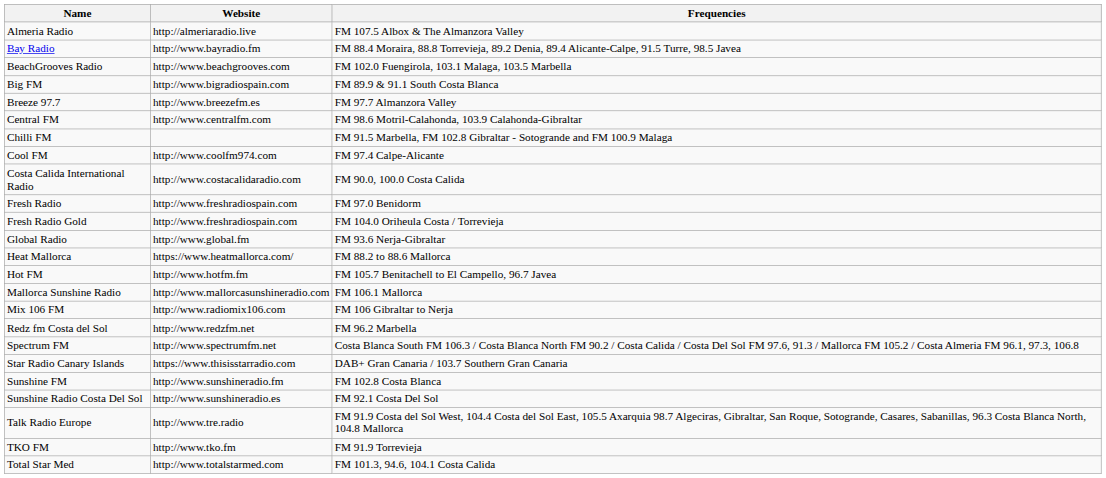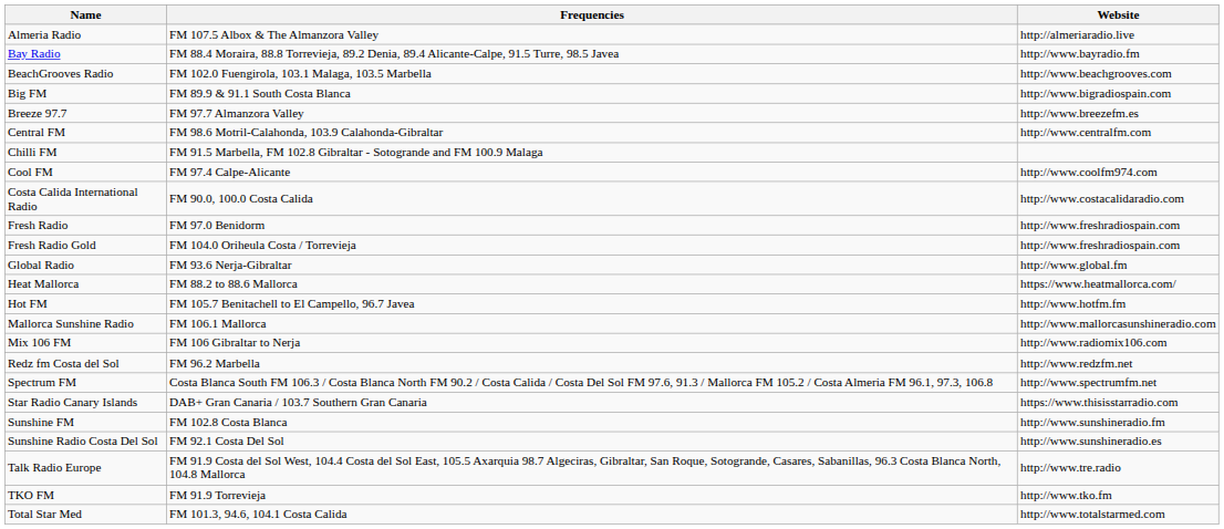 <table class="wikitable sortable">
 <tr style="background-color:#C9C9C9">
 <th>Name</th>
+<th>Frequencies</th>
 <th>Website</th>
-<th>Frequencies</th>
 </tr>
 <tr>
 <td>Almeria Radio</td>
+<td>FM 107.5 Albox & The Almanzora Valley</td>
 <td>http://almeriaradio.live</td>
-<td>FM 107.5 Albox & The Almanzora Valley</td>
 </tr>
 <tr>
 <td><a href='#'>Bay Radio</a></td>
+<td>FM 88.4 Moraira, 88.8 Torrevieja, 89.2 Denia, 89.4 Alicante-Calpe, 91.5 Turre, 98.5 Javea</td>
 <td>http://www.bayradio.fm</td>
-<td>FM 88.4 Moraira, 88.8 Torrevieja, 89.2 Denia, 89.4 Alicante-Calpe, 91.5 Turre, 98.5 Javea</td>
 </tr>
 <tr>
 <td>BeachGrooves Radio</td>
+<td>FM 102.0 Fuengirola, 103.1 Malaga, 103.5 Marbella</td>
 <td>http://www.beachgrooves.com</td>
-<td>FM 102.0 Fuengirola, 103.1 Malaga, 103.5 Marbella</td>
 </tr>
 <tr>
 <td>Big FM</td>
+<td>FM 89.9 & 91.1 South Costa Blanca</td>
 <td>http://www.bigradiospain.com</td>
-<td>FM 89.9 & 91.1 South Costa Blanca</td>
 </tr>
 <tr>
 <td>Breeze 97.7</td>
+<td>FM 97.7 Almanzora Valley</td>
 <td>http://www.breezefm.es</td>
-<td>FM 97.7 Almanzora Valley</td>
 </tr>
 <tr>
 <td>Central FM</td>
+<td>FM 98.6 Motril-Calahonda, 103.9 Calahonda-Gibraltar</td>
 <td>http://www.centralfm.com</td>
-<td>FM 98.6 Motril-Calahonda, 103.9 Calahonda-Gibraltar</td>
 </tr>
 <tr>
 <td>Chilli FM</td>
+<td>FM 91.5 Marbella, FM 102.8 Gibraltar - Sotogrande and FM 100.9 Malaga</td>
 <td></td>
-<td>FM 91.5 Marbella, FM 102.8 Gibraltar - Sotogrande and FM 100.9 Malaga</td>
 </tr>
 <tr>
 <td>Cool FM</td>
+<td>FM 97.4 Calpe-Alicante</td>
 <td>http://www.coolfm974.com</td>
-<td>FM 97.4 Calpe-Alicante</td>
 </tr>
 <tr>
 <td>Costa Calida International Radio</td>
+<td>FM 90.0, 100.0 Costa Calida</td>
 <td>http://www.costacalidaradio.com</td>
-<td>FM 90.0, 100.0 Costa Calida</td>
 </tr>
 <tr>
 <td>Fresh Radio</td>
+<td>FM 97.0 Benidorm</td>
 <td>http://www.freshradiospain.com</td>
-<td>FM 97.0 Benidorm</td>
 </tr>
 <tr>
 <td>Fresh Radio Gold</td>
+<td>FM 104.0 Oriheula Costa / Torrevieja</td>
 <td>http://www.freshradiospain.com</td>
-<td>FM 104.0 Oriheula Costa / Torrevieja</td>
 </tr>
 <tr>
 <td>Global Radio</td>
+<td>FM 93.6 Nerja-Gibraltar</td>
 <td>http://www.global.fm</td>
-<td>FM 93.6 Nerja-Gibraltar</td>
 </tr>
 <tr>
 <td>Heat Mallorca</td>
+<td>FM 88.2 to 88.6 Mallorca</td>
 <td>https://www.heatmallorca.com/</td>
-<td>FM 88.2 to 88.6 Mallorca</td>
 </tr>
 <tr>
 <td>Hot FM</td>
+<td>FM 105.7 Benitachell to El Campello, 96.7 Javea</td>
 <td>http://www.hotfm.fm</td>
-<td>FM 105.7 Benitachell to El Campello, 96.7 Javea</td>
 </tr>
 <tr>
 <td>Mallorca Sunshine Radio</td>
+<td>FM 106.1 Mallorca</td>
 <td>http://www.mallorcasunshineradio.com</td>
-<td>FM 106.1 Mallorca</td>
 </tr>
 <tr>
 <td>Mix 106 FM</td>
+<td>FM 106 Gibraltar to Nerja</td>
 <td>http://www.radiomix106.com</td>
-<td>FM 106 Gibraltar to Nerja</td>
 </tr>
 <tr>
 <td>Redz fm Costa del Sol</td>
+<td>FM 96.2 Marbella</td>
 <td>http://www.redzfm.net</td>
-<td>FM 96.2 Marbella</td>
 </tr>
 <tr>
 <td>Spectrum FM</td>
+<td>Costa Blanca South FM 106.3 / Costa Blanca North FM 90.2 / Costa Calida / Costa Del Sol FM 97.6, 91.3 / Mallorca FM 105.2 / Costa Almeria FM 96.1, 97.3, 106.8</td>
 <td>http://www.spectrumfm.net </td>
-<td>Costa Blanca South FM 106.3 / Costa Blanca North FM 90.2 / Costa Calida / Costa Del Sol FM 97.6, 91.3 / Mallorca FM 105.2 / Costa Almeria FM 96.1, 97.3, 106.8</td>
 </tr>
 <tr>
 <td>Star Radio Canary Islands</td>
+<td>DAB+ Gran Canaria / 103.7 Southern Gran Canaria</td>
 <td>https://www.thisisstarradio.com</td>
-<td>DAB+ Gran Canaria / 103.7 Southern Gran Canaria</td>
 </tr>
 <tr>
 <td>Sunshine FM</td>
+<td>FM 102.8 Costa Blanca</td>
 <td>http://www.sunshineradio.fm</td>
-<td>FM 102.8 Costa Blanca</td>
 </tr>
 <tr>
 <td>Sunshine Radio Costa Del Sol</td>
+<td>FM 92.1 Costa Del Sol</td>
 <td>http://www.sunshineradio.es</td>
-<td>FM 92.1 Costa Del Sol</td>
 </tr>
 <tr>
 <td>Talk Radio Europe</td>
+<td>FM 91.9 Costa del Sol West, 104.4 Costa del Sol East, 105.5 Axarquia 98.7 Algeciras, Gibraltar, San Roque, Sotogrande, Casares, Sabanillas, 96.3 Costa Blanca North, 104.8 Mallorca</td>
 <td>http://www.tre.radio</td>
-<td>FM 91.9 Costa del Sol West, 104.4 Costa del Sol East, 105.5 Axarquia 98.7 Algeciras, Gibraltar, San Roque, Sotogrande, Casares, Sabanillas, 96.3 Costa Blanca North, 104.8 Mallorca</td>
 </tr>
 <tr>
 <td>TKO FM</td>
+<td>FM 91.9 Torrevieja</td>
 <td>http://www.tko.fm</td>
-<td>FM 91.9 Torrevieja</td>
 </tr>
 <tr>
 <td>Total Star Med</td>
+<td>FM 101.3, 94.6, 104.1 Costa Calida</td>
 <td>http://www.totalstarmed.com</td>
-<td>FM 101.3, 94.6, 104.1 Costa Calida</td>
 </tr>
 </table>
